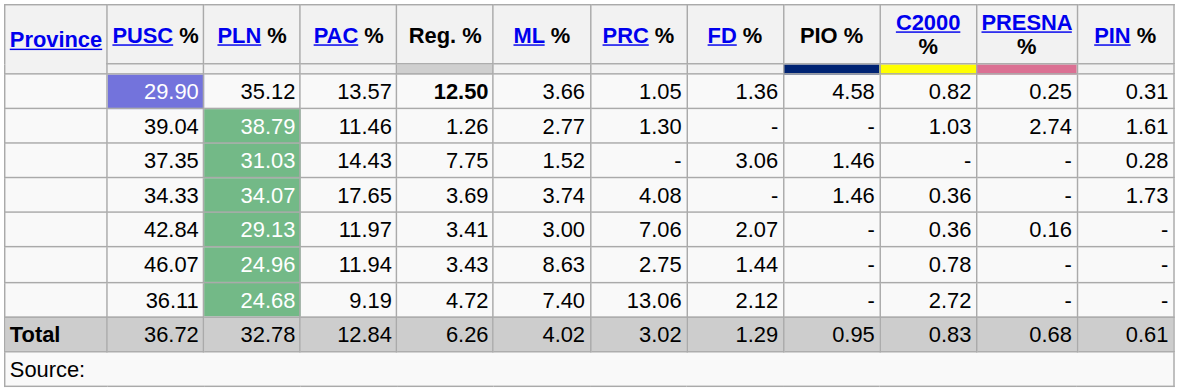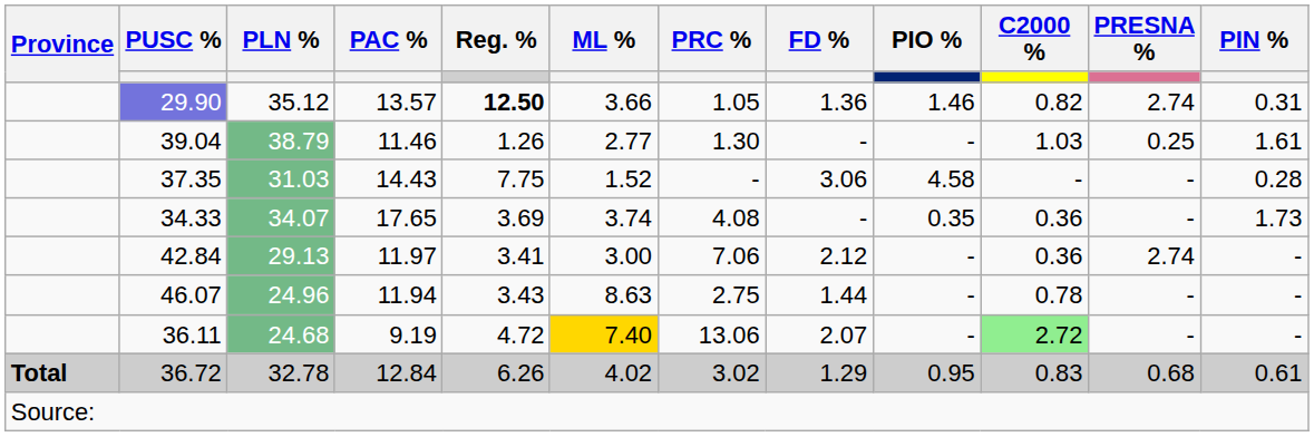 <table class="wikitable sortable" style="text-align:right; font-size:95%">
 <tr>
 <th rowspan=2><a href='#'>Province</a></th>
 <th width=60px><a href='#'>PUSC</a> %</th>
 <th width=60px><a href='#'>PLN</a> %</th>
 <th width=60px><a href='#'>PAC</a> %</th>
 <th width=60px>Reg. %</th>
 <th width=60px><a href='#'>ML</a> %</th>
 <th width=60px><a href='#'>PRC</a> %</th>
 <th width=60px><a href='#'>FD</a> %</th>
 <th width=60px>PIO %</th>
 <th width=60px><a href='#'>C2000</a> %</th>
 <th width=60px><a href='#'>PRESNA</a> %</th>
 <th width=60px><a href='#'>PIN</a> %</th>
 </tr>
 <tr>
 <th style="color:inherit;background:"></th>
 <th style="color:inherit;background:"></th>
 <th style="color:inherit;background:"></th>
 <th style="color:inherit;background:#cfcfcf"></th>
 <th style="color:inherit;background:"></th>
 <th style="color:inherit;background:"></th>
 <th style="color:inherit;background:"></th>
 <th style="color:inherit;background:#002373"></th>
 <th style="color:inherit;background:yellow"></th>
 <th style="color:inherit;background:#DB7093"></th>
 <th style="color:inherit;background:"></th>
 </tr>
 <tr>
 <td align="left"></td>
 <td style="background:#7373dc; color:white;">29.90</td>
 <td style="background:">35.12</td>
 <td>13.57</td>
 <td><strong>12.50</strong></td>
 <td>3.66</td>
 <td>1.05</td>
 <td>1.36</td>
-<td>4.58</td>
+<td>1.46</td>
 <td>0.82</td>
-<td>0.25</td>
+<td>2.74</td>
 <td>0.31</td>
 </tr>
 <tr>
 <td align="left"></td>
 <td style="background:">39.04</td>
 <td style="background:#73b987; color:white;">38.79</td>
 <td>11.46</td>
 <td>1.26</td>
 <td>2.77</td>
 <td>1.30</td>
 <td>-</td>
 <td>-</td>
 <td>1.03</td>
-<td>2.74</td>
+<td>0.25</td>
 <td>1.61</td>
 </tr>
 <tr>
 <td align="left"></td>
 <td style="background:">37.35</td>
 <td style="background:#73b987; color:white;">31.03</td>
 <td>14.43</td>
 <td>7.75</td>
 <td>1.52</td>
 <td>-</td>
 <td>3.06</td>
-<td>1.46</td>
+<td>4.58</td>
 <td>-</td>
 <td>-</td>
 <td>0.28</td>
 </tr>
 <tr>
 <td align="left"></td>
 <td style="background:">34.33</td>
 <td style="background:#73b987; color:white;">34.07</td>
 <td>17.65</td>
 <td>3.69</td>
 <td>3.74</td>
 <td>4.08</td>
 <td>-</td>
-<td>1.46</td>
+<td>0.35</td>
 <td>0.36</td>
 <td>-</td>
 <td>1.73</td>
 </tr>
 <tr>
 <td align="left"></td>
 <td style="background:">42.84</td>
 <td style="background:#73b987; color:white;">29.13</td>
 <td>11.97</td>
 <td>3.41</td>
 <td>3.00</td>
 <td>7.06</td>
-<td>2.07</td>
+<td>2.12</td>
 <td>-</td>
 <td>0.36</td>
-<td>0.16</td>
+<td>2.74</td>
 <td>-</td>
 </tr>
 <tr>
 <td align="left"></td>
 <td style="background:">46.07</td>
 <td style="background:#73b987; color:white;">24.96</td>
 <td>11.94</td>
 <td>3.43</td>
 <td>8.63</td>
 <td>2.75</td>
 <td>1.44</td>
 <td>-</td>
 <td>0.78</td>
 <td>-</td>
 <td>-</td>
 </tr>
 <tr>
 <td align="left"></td>
 <td style="background:">36.11</td>
 <td style="background:#73b987; color:white;">24.68</td>
 <td>9.19</td>
 <td>4.72</td>
-<td>7.40</td>
+<td style="background: gold;">7.40</td>
 <td>13.06</td>
-<td>2.12</td>
+<td>2.07</td>
 <td>-</td>
-<td>2.72</td>
+<td style="background: lightgreen;">2.72</td>
 <td>-</td>
 <td>-</td>
 </tr>
 <tr style="background:#CDCDCD;">
 <td align="left"><strong>Total</strong></td>
 <td style="background:">36.72</td>
 <td>32.78</td>
 <td>12.84</td>
 <td>6.26</td>
 <td>4.02</td>
 <td>3.02</td>
 <td>1.29</td>
 <td>0.95</td>
 <td>0.83</td>
 <td>0.68</td>
 <td>0.61</td>
 </tr>
 <tr>
 <td align=left colspan=16>Source: </td>
 </tr>
 </table>
